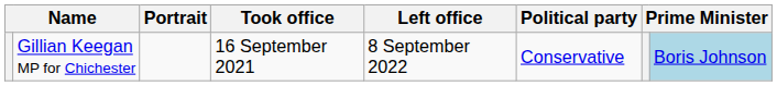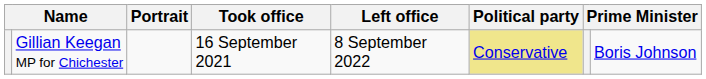 <table class="wikitable">
 <tr>
 <th colspan="2">Name</th>
 <th>Portrait</th>
 <th width="130">Took office</th>
 <th width="130">Left office</th>
 <th>Political party</th>
 <th colspan="2">Prime Minister</th>
 </tr>
 <tr>
 <th style="background-color: "></th>
 <td><a href='#'>Gillian Keegan</a><br><small>MP for <a href='#'>Chichester</a></small></td>
 <td></td>
 <td>16 September 2021</td>
 <td>8 September 2022</td>
-<td><a href='#'>Conservative</a></td>
+<td style="background: khaki;"><a href='#'>Conservative</a></td>
 <th style="background-color: "></th>
-<td style="background: lightblue;"><a href='#'>Boris Johnson</a></td>
+<td><a href='#'>Boris Johnson</a></td>
 </tr>
 </table>
